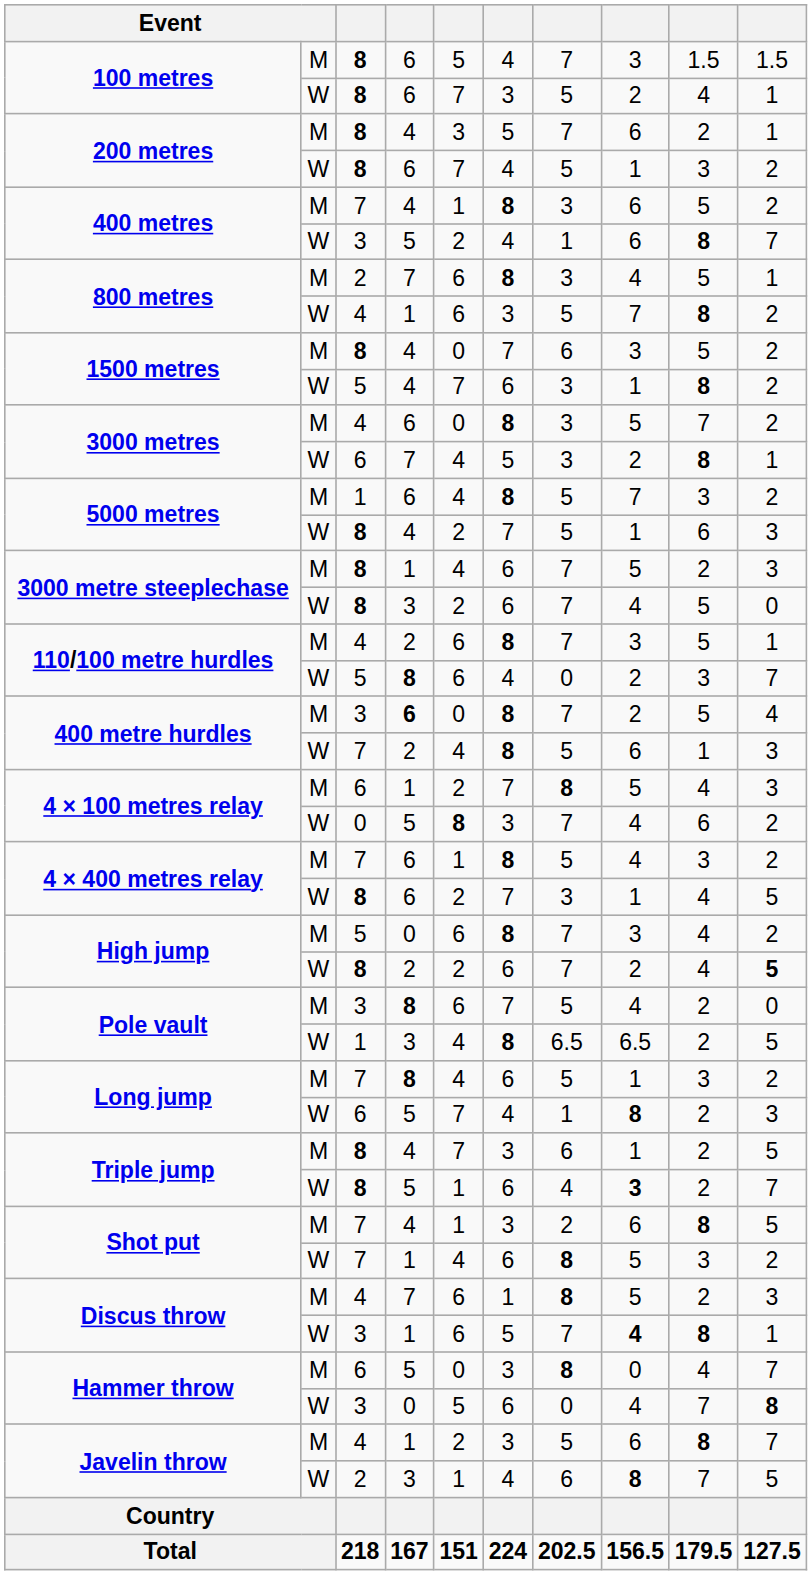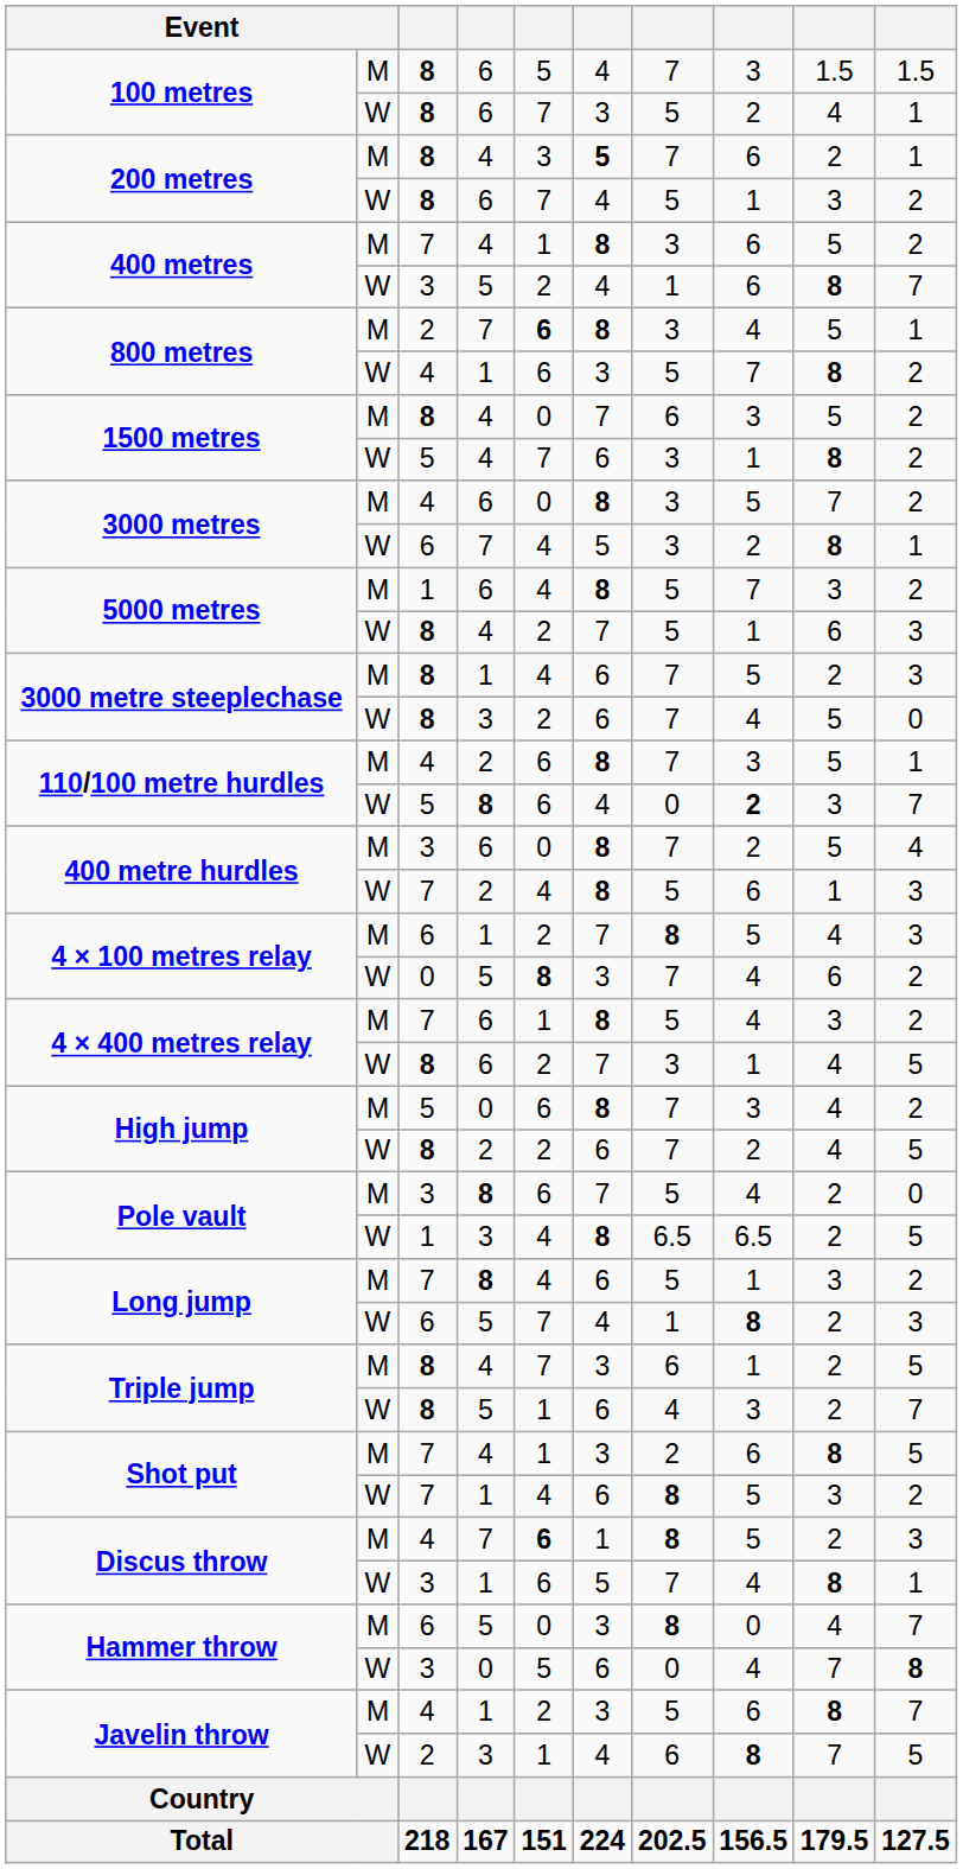 <table class="wikitable" style="background-color: #f9f9f9; font-size: 90%; text-align: center">
 <tr>
 <th width=200 colspan=2>Event</th>
 <th></th>
 <th></th>
 <th></th>
 <th></th>
 <th></th>
 <th></th>
 <th></th>
 <th></th>
 </tr>
 <tr>
 <td rowspan=2><strong><a href='#'>100 metres</a></strong></td>
 <td>M</td>
 <td><strong>8</strong></td>
 <td>6</td>
 <td>5</td>
 <td>4</td>
 <td>7</td>
 <td>3</td>
 <td>1.5</td>
 <td>1.5</td>
 </tr>
 <tr>
 <td>W</td>
 <td><strong>8</strong></td>
 <td>6</td>
 <td>7</td>
 <td>3</td>
 <td>5</td>
 <td>2</td>
 <td>4</td>
 <td>1</td>
 </tr>
 <tr>
 <td rowspan=2><strong><a href='#'>200 metres</a></strong></td>
 <td>M</td>
 <td><strong>8</strong></td>
 <td>4</td>
 <td>3</td>
-<td>5</td>
+<td><strong>5</strong></td>
 <td>7</td>
 <td>6</td>
 <td>2</td>
 <td>1</td>
 </tr>
 <tr>
 <td>W</td>
 <td><strong>8</strong></td>
 <td>6</td>
 <td>7</td>
 <td>4</td>
 <td>5</td>
 <td>1</td>
 <td>3</td>
 <td>2</td>
 </tr>
 <tr>
 <td rowspan=2><strong><a href='#'>400 metres</a></strong></td>
 <td>M</td>
 <td>7</td>
 <td>4</td>
 <td>1</td>
 <td><strong>8</strong></td>
 <td>3</td>
 <td>6</td>
 <td>5</td>
 <td>2</td>
 </tr>
 <tr>
 <td>W</td>
 <td>3</td>
 <td>5</td>
 <td>2</td>
 <td>4</td>
 <td>1</td>
 <td>6</td>
 <td><strong>8</strong></td>
 <td>7</td>
 </tr>
 <tr>
 <td rowspan=2><strong><a href='#'>800 metres</a></strong></td>
 <td>M</td>
 <td>2</td>
 <td>7</td>
-<td>6</td>
+<td><strong>6</strong></td>
 <td><strong>8</strong></td>
 <td>3</td>
 <td>4</td>
 <td>5</td>
 <td>1</td>
 </tr>
 <tr>
 <td>W</td>
 <td>4</td>
 <td>1</td>
 <td>6</td>
 <td>3</td>
 <td>5</td>
 <td>7</td>
 <td><strong>8</strong></td>
 <td>2</td>
 </tr>
 <tr>
 <td rowspan=2><strong><a href='#'>1500 metres</a></strong></td>
 <td>M</td>
 <td><strong>8</strong></td>
 <td>4</td>
 <td>0</td>
 <td>7</td>
 <td>6</td>
 <td>3</td>
 <td>5</td>
 <td>2</td>
 </tr>
 <tr>
 <td>W</td>
 <td>5</td>
 <td>4</td>
 <td>7</td>
 <td>6</td>
 <td>3</td>
 <td>1</td>
 <td><strong>8</strong></td>
 <td>2</td>
 </tr>
 <tr>
 <td rowspan=2><strong><a href='#'>3000 metres</a></strong></td>
 <td>M</td>
 <td>4</td>
 <td>6</td>
 <td>0</td>
 <td><strong>8</strong></td>
 <td>3</td>
 <td>5</td>
 <td>7</td>
 <td>2</td>
 </tr>
 <tr>
 <td>W</td>
 <td>6</td>
 <td>7</td>
 <td>4</td>
 <td>5</td>
 <td>3</td>
 <td>2</td>
 <td><strong>8</strong></td>
 <td>1</td>
 </tr>
 <tr>
 <td rowspan=2><strong><a href='#'>5000 metres</a></strong></td>
 <td>M</td>
 <td>1</td>
 <td>6</td>
 <td>4</td>
 <td><strong>8</strong></td>
 <td>5</td>
 <td>7</td>
 <td>3</td>
 <td>2</td>
 </tr>
 <tr>
 <td>W</td>
 <td><strong>8</strong></td>
 <td>4</td>
 <td>2</td>
 <td>7</td>
 <td>5</td>
 <td>1</td>
 <td>6</td>
 <td>3</td>
 </tr>
 <tr>
 <td rowspan=2><strong><a href='#'>3000 metre steeplechase</a></strong></td>
 <td>M</td>
 <td><strong>8</strong></td>
 <td>1</td>
 <td>4</td>
 <td>6</td>
 <td>7</td>
 <td>5</td>
 <td>2</td>
 <td>3</td>
 </tr>
 <tr>
 <td>W</td>
 <td><strong>8</strong></td>
 <td>3</td>
 <td>2</td>
 <td>6</td>
 <td>7</td>
 <td>4</td>
 <td>5</td>
 <td>0</td>
 </tr>
 <tr>
 <td rowspan=2><strong><a href='#'>110</a>/<a href='#'>100 metre hurdles</a></strong></td>
 <td>M</td>
 <td>4</td>
 <td>2</td>
 <td>6</td>
 <td><strong>8</strong></td>
 <td>7</td>
 <td>3</td>
 <td>5</td>
 <td>1</td>
 </tr>
 <tr>
 <td>W</td>
 <td>5</td>
 <td><strong>8</strong></td>
 <td>6</td>
 <td>4</td>
 <td>0</td>
-<td>2</td>
+<td><strong>2</strong></td>
 <td>3</td>
 <td>7</td>
 </tr>
 <tr>
 <td rowspan=2><strong><a href='#'>400 metre hurdles</a></strong></td>
 <td>M</td>
 <td>3</td>
-<td><strong>6</strong></td>
+<td>6</td>
 <td>0</td>
 <td><strong>8</strong></td>
 <td>7</td>
 <td>2</td>
 <td>5</td>
 <td>4</td>
 </tr>
 <tr>
 <td>W</td>
 <td>7</td>
 <td>2</td>
 <td>4</td>
 <td><strong>8</strong></td>
 <td>5</td>
 <td>6</td>
 <td>1</td>
 <td>3</td>
 </tr>
 <tr>
 <td rowspan=2><strong><a href='#'>4 × 100 metres relay</a></strong></td>
 <td>M</td>
 <td>6</td>
 <td>1</td>
 <td>2</td>
 <td>7</td>
 <td><strong>8</strong></td>
 <td>5</td>
 <td>4</td>
 <td>3</td>
 </tr>
 <tr>
 <td>W</td>
 <td>0</td>
 <td>5</td>
 <td><strong>8</strong></td>
 <td>3</td>
 <td>7</td>
 <td>4</td>
 <td>6</td>
 <td>2</td>
 </tr>
 <tr>
 <td rowspan=2><strong><a href='#'>4 × 400 metres relay</a></strong></td>
 <td>M</td>
 <td>7</td>
 <td>6</td>
 <td>1</td>
 <td><strong>8</strong></td>
 <td>5</td>
 <td>4</td>
 <td>3</td>
 <td>2</td>
 </tr>
 <tr>
 <td>W</td>
 <td><strong>8</strong></td>
 <td>6</td>
 <td>2</td>
 <td>7</td>
 <td>3</td>
 <td>1</td>
 <td>4</td>
 <td>5</td>
 </tr>
 <tr>
 <td rowspan=2><strong><a href='#'>High jump</a></strong></td>
 <td>M</td>
 <td>5</td>
 <td>0</td>
 <td>6</td>
 <td><strong>8</strong></td>
 <td>7</td>
 <td>3</td>
 <td>4</td>
 <td>2</td>
 </tr>
 <tr>
 <td>W</td>
 <td><strong>8</strong></td>
 <td>2</td>
 <td>2</td>
 <td>6</td>
 <td>7</td>
 <td>2</td>
 <td>4</td>
-<td><strong>5</strong></td>
+<td>5</td>
 </tr>
 <tr>
 <td rowspan=2><strong><a href='#'>Pole vault</a></strong></td>
 <td>M</td>
 <td>3</td>
 <td><strong>8</strong></td>
 <td>6</td>
 <td>7</td>
 <td>5</td>
 <td>4</td>
 <td>2</td>
 <td>0</td>
 </tr>
 <tr>
 <td>W</td>
 <td>1</td>
 <td>3</td>
 <td>4</td>
 <td><strong>8</strong></td>
 <td>6.5</td>
 <td>6.5</td>
 <td>2</td>
 <td>5</td>
 </tr>
 <tr>
 <td rowspan=2><strong><a href='#'>Long jump</a></strong></td>
 <td>M</td>
 <td>7</td>
 <td><strong>8</strong></td>
 <td>4</td>
 <td>6</td>
 <td>5</td>
 <td>1</td>
 <td>3</td>
 <td>2</td>
 </tr>
 <tr>
 <td>W</td>
 <td>6</td>
 <td>5</td>
 <td>7</td>
 <td>4</td>
 <td>1</td>
 <td><strong>8</strong></td>
 <td>2</td>
 <td>3</td>
 </tr>
 <tr>
 <td rowspan=2><strong><a href='#'>Triple jump</a></strong></td>
 <td>M</td>
 <td><strong>8</strong></td>
 <td>4</td>
 <td>7</td>
 <td>3</td>
 <td>6</td>
 <td>1</td>
 <td>2</td>
 <td>5</td>
 </tr>
 <tr>
 <td>W</td>
 <td><strong>8</strong></td>
 <td>5</td>
 <td>1</td>
 <td>6</td>
 <td>4</td>
-<td><strong>3</strong></td>
+<td>3</td>
 <td>2</td>
 <td>7</td>
 </tr>
 <tr>
 <td rowspan=2><strong><a href='#'>Shot put</a></strong></td>
 <td>M</td>
 <td>7</td>
 <td>4</td>
 <td>1</td>
 <td>3</td>
 <td>2</td>
 <td>6</td>
 <td><strong>8</strong></td>
 <td>5</td>
 </tr>
 <tr>
 <td>W</td>
 <td>7</td>
 <td>1</td>
 <td>4</td>
 <td>6</td>
 <td><strong>8</strong></td>
 <td>5</td>
 <td>3</td>
 <td>2</td>
 </tr>
 <tr>
 <td rowspan=2><strong><a href='#'>Discus throw</a></strong></td>
 <td>M</td>
 <td>4</td>
 <td>7</td>
-<td>6</td>
+<td><strong>6</strong></td>
 <td>1</td>
 <td><strong>8</strong></td>
 <td>5</td>
 <td>2</td>
 <td>3</td>
 </tr>
 <tr>
 <td>W</td>
 <td>3</td>
 <td>1</td>
 <td>6</td>
 <td>5</td>
 <td>7</td>
-<td><strong>4</strong></td>
+<td>4</td>
 <td><strong>8</strong></td>
 <td>1</td>
 </tr>
 <tr>
 <td rowspan=2><strong><a href='#'>Hammer throw</a></strong></td>
 <td>M</td>
 <td>6</td>
 <td>5</td>
 <td>0</td>
 <td>3</td>
 <td><strong>8</strong></td>
 <td>0</td>
 <td>4</td>
 <td>7</td>
 </tr>
 <tr>
 <td>W</td>
 <td>3</td>
 <td>0</td>
 <td>5</td>
 <td>6</td>
 <td>0</td>
 <td>4</td>
 <td>7</td>
 <td><strong>8</strong></td>
 </tr>
 <tr>
 <td rowspan=2><strong><a href='#'>Javelin throw</a></strong></td>
 <td>M</td>
 <td>4</td>
 <td>1</td>
 <td>2</td>
 <td>3</td>
 <td>5</td>
 <td>6</td>
 <td><strong>8</strong></td>
 <td>7</td>
 </tr>
 <tr>
 <td>W</td>
 <td>2</td>
 <td>3</td>
 <td>1</td>
 <td>4</td>
 <td>6</td>
 <td><strong>8</strong></td>
 <td>7</td>
 <td>5</td>
 </tr>
 <tr>
 <th colspan=2>Country</th>
 <th></th>
 <th></th>
 <th></th>
 <th></th>
 <th></th>
 <th></th>
 <th></th>
 <th></th>
 </tr>
 <tr>
 <th colspan=2>Total</th>
 <td><strong>218</strong></td>
 <td><strong>167</strong></td>
 <td><strong>151</strong></td>
 <td><strong>224</strong></td>
 <td><strong>202.5</strong></td>
 <td><strong>156.5</strong></td>
 <td><strong>179.5</strong></td>
 <td><strong>127.5</strong></td>
 </tr>
 </table>
